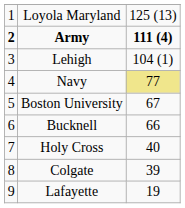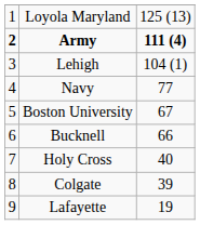 <table class="wikitable">
 <tr align="center">
 </tr>
 <tr align="center">
 <td>1</td>
 <td>Loyola Maryland</td>
 <td>125 (13)</td>
 </tr>
 <tr align="center">
 <td><strong>2</strong></td>
 <td><strong>Army</strong></td>
 <td><strong>111 (4)</strong></td>
 </tr>
 <tr align="center">
 <td>3</td>
 <td>Lehigh</td>
 <td>104 (1)</td>
 </tr>
 <tr align="center">
 <td>4</td>
 <td>Navy</td>
-<td style="background: khaki;">77</td>
+<td>77</td>
 </tr>
 <tr align="center">
 <td>5</td>
 <td>Boston University</td>
 <td>67</td>
 </tr>
 <tr align="center">
 <td>6</td>
 <td>Bucknell</td>
 <td>66</td>
 </tr>
 <tr align="center">
 <td>7</td>
 <td>Holy Cross</td>
 <td>40</td>
 </tr>
 <tr align="center">
 <td>8</td>
 <td>Colgate</td>
 <td>39</td>
 </tr>
 <tr align="center">
 <td>9</td>
 <td>Lafayette</td>
 <td>19</td>
 </tr>
 </table>
